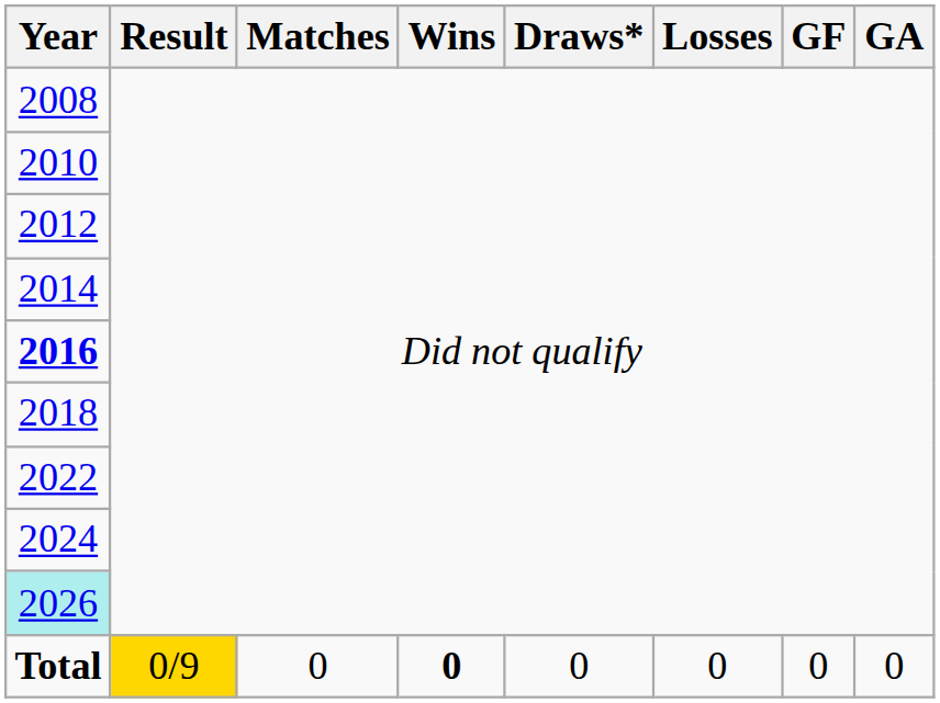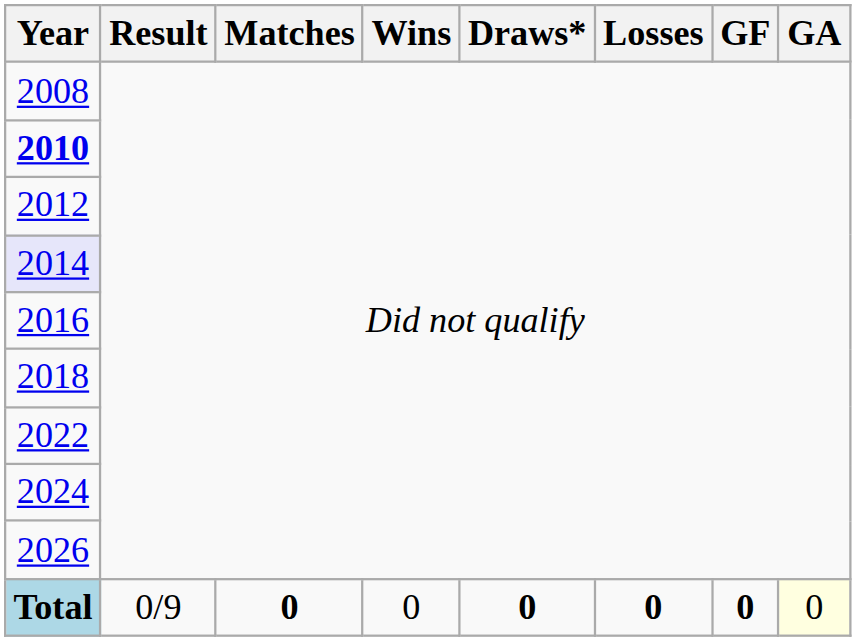 <table class="wikitable" style="text-align: center;">
 <tr>
 <th>Year</th>
 <th>Result</th>
 <th>Matches</th>
 <th>Wins</th>
 <th>Draws*</th>
 <th>Losses</th>
 <th>GF</th>
 <th>GA</th>
 </tr>
 <tr>
 <td> <a href='#'>2008</a></td>
 <td colspan=7 rowspan=9><em>Did not qualify</em></td>
 </tr>
 <tr>
-<td> <a href='#'>2010</a></td>
+<td><strong> <a href='#'>2010</a></strong></td>
 </tr>
 <tr>
 <td> <a href='#'>2012</a></td>
 </tr>
 <tr>
-<td> <a href='#'>2014</a></td>
+<td style="background: lavender;"> <a href='#'>2014</a></td>
 </tr>
 <tr>
-<td><strong> <a href='#'>2016</a></strong></td>
+<td> <a href='#'>2016</a></td>
 </tr>
 <tr>
 <td> <a href='#'>2018</a></td>
 </tr>
 <tr>
 <td> <a href='#'>2022</a></td>
 </tr>
 <tr>
 <td> <a href='#'>2024</a></td>
 </tr>
 <tr>
-<td style="background: paleturquoise;"> <a href='#'>2026</a></td>
+<td> <a href='#'>2026</a></td>
 </tr>
 <tr>
-<td><strong>Total</strong></td>
-<td style="background: gold;">0/9</td>
+<td style="background: lightblue;"><strong>Total</strong></td>
+<td>0/9</td>
+<td><strong>0</strong></td>
 <td>0</td>
 <td><strong>0</strong></td>
-<td>0</td>
-<td>0</td>
-<td>0</td>
-<td>0</td>
+<td><strong>0</strong></td>
+<td><strong>0</strong></td>
+<td style="background: lightyellow;">0</td>
 </tr>
 </table>
